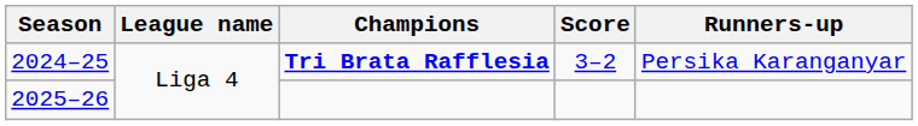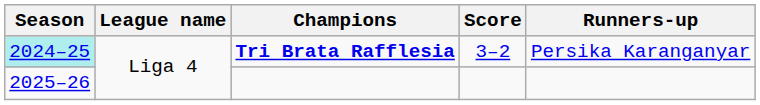 <table class="wikitable" style="text-align:center;">
 <tr>
 <th>Season</th>
 <th>League name</th>
 <th>Champions</th>
 <th>Score</th>
 <th>Runners-up</th>
 </tr>
 <tr>
-<td><a href='#'>2024–25</a></td>
+<td style="background: paleturquoise;"><a href='#'>2024–25</a></td>
 <td rowspan="2">Liga 4</td>
 <td><strong><a href='#'>Tri Brata Rafflesia</a></strong></td>
 <td><a href='#'>3–2</a></td>
 <td><a href='#'>Persika Karanganyar</a></td>
 </tr>
 <tr>
 <td><a href='#'>2025–26</a></td>
 <td></td>
 <td></td>
 <td></td>
 </tr>
 </table>
